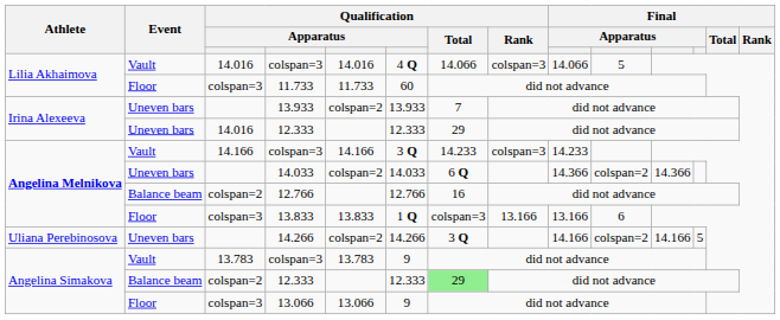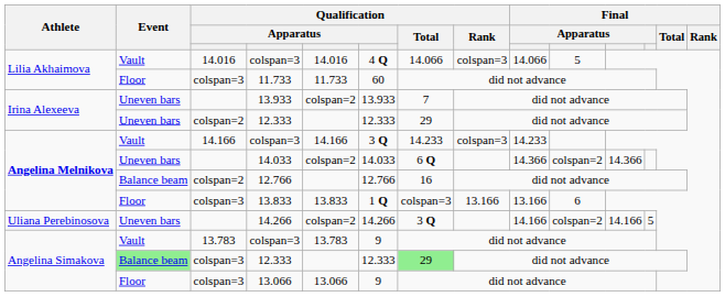 <table class="wikitable" style="font-size:90%">
 <tr>
 <th rowspan=3>Athlete</th>
 <th rowspan=3>Event</th>
 <th colspan=6>Qualification</th>
 <th colspan=6>Final</th>
 </tr>
 <tr style="font-size:95%">
 <th colspan=4>Apparatus</th>
 <th rowspan=2>Total</th>
 <th rowspan=2>Rank</th>
 <th colspan=4>Apparatus</th>
 <th rowspan=2>Total</th>
 <th rowspan=2>Rank</th>
 </tr>
 <tr style="font-size:95%">
 <th></th>
 <th></th>
 <th></th>
 <th></th>
 <th></th>
 <th></th>
 <th></th>
 <th></th>
 </tr>
 <tr align=center>
 <td align=left rowspan=2><a href='#'>Lilia Akhaimova</a></td>
 <td align=left><a href='#'>Vault</a></td>
 <td>14.016</td>
 <td>colspan=3 </td>
 <td>14.016</td>
 <td>4 <strong>Q</strong></td>
 <td>14.066</td>
 <td>colspan=3 </td>
 <td>14.066</td>
 <td>5</td>
 </tr>
 <tr align=center>
 <td align=left><a href='#'>Floor</a></td>
 <td>colspan=3 </td>
 <td>11.733</td>
 <td>11.733</td>
 <td>60</td>
 <td colspan=6>did not advance</td>
 </tr>
 <tr align=center>
 <td align=left rowspan=2><a href='#'>Irina Alexeeva</a></td>
 <td align=left><a href='#'>Uneven bars</a></td>
 <td></td>
 <td>13.933</td>
 <td>colspan=2 </td>
 <td>13.933</td>
 <td>7</td>
 <td colspan=6>did not advance</td>
 </tr>
 <tr align=center>
 <td align=left><a href='#'>Uneven bars</a></td>
-<td>14.016</td>
+<td>colspan=2 </td>
 <td>12.333</td>
 <td></td>
 <td>12.333</td>
 <td>29</td>
 <td colspan=6>did not advance</td>
 </tr>
 <tr align=center>
 <td align=left rowspan=4><strong><a href='#'>Angelina Melnikova</a></strong></td>
 <td align=left><a href='#'>Vault</a></td>
 <td>14.166</td>
 <td>colspan=3 </td>
 <td>14.166</td>
 <td>3 <strong>Q</strong></td>
 <td>14.233</td>
 <td>colspan=3 </td>
 <td>14.233</td>
 <td></td>
 </tr>
 <tr align=center>
 <td align=left><a href='#'>Uneven bars</a></td>
 <td></td>
 <td>14.033</td>
 <td>colspan=2 </td>
 <td>14.033</td>
 <td>6 <strong>Q</strong></td>
 <td></td>
 <td>14.366</td>
 <td>colspan=2 </td>
 <td>14.366</td>
 <td></td>
 </tr>
 <tr align=center>
 <td align=left><a href='#'>Balance beam</a></td>
 <td>colspan=2 </td>
 <td>12.766</td>
 <td></td>
 <td>12.766</td>
 <td>16</td>
 <td colspan=6>did not advance</td>
 </tr>
 <tr align=center>
 <td align=left><a href='#'>Floor</a></td>
 <td>colspan=3 </td>
 <td>13.833</td>
 <td>13.833</td>
 <td>1 <strong>Q</strong></td>
 <td>colspan=3 </td>
 <td>13.166</td>
 <td>13.166</td>
 <td>6</td>
 </tr>
 <tr align=center>
 <td align=left><a href='#'>Uliana Perebinosova</a></td>
 <td align=left><a href='#'>Uneven bars</a></td>
 <td></td>
 <td>14.266</td>
 <td>colspan=2 </td>
 <td>14.266</td>
 <td>3 <strong>Q</strong></td>
 <td></td>
 <td>14.166</td>
 <td>colspan=2 </td>
 <td>14.166</td>
 <td>5</td>
 </tr>
 <tr align=center>
 <td align=left rowspan=3><a href='#'>Angelina Simakova</a></td>
 <td align=left><a href='#'>Vault</a></td>
 <td>13.783</td>
 <td>colspan=3 </td>
 <td>13.783</td>
 <td>9</td>
 <td colspan=6>did not advance</td>
 </tr>
 <tr align=center>
-<td align=left><a href='#'>Balance beam</a></td>
-<td>colspan=2 </td>
+<td align=left style="background: lightgreen;"><a href='#'>Balance beam</a></td>
+<td>colspan=3 </td>
 <td>12.333</td>
 <td></td>
 <td>12.333</td>
 <td style="background: lightgreen;">29</td>
 <td colspan=6>did not advance</td>
 </tr>
 <tr align=center>
 <td align=left><a href='#'>Floor</a></td>
 <td>colspan=3 </td>
 <td>13.066</td>
 <td>13.066</td>
 <td>9</td>
 <td colspan=6>did not advance</td>
 </tr>
 </table>
